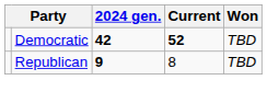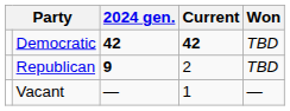 <table class="wikitable defaultcenter">
 <tr>
 <th colspan=2>Party</th>
 <th><a href='#'>2024 gen.</a></th>
 <th>Current</th>
 <th>Won</th>
 </tr>
 <tr>
 <td style="background:"></td>
 <td><a href='#'>Democratic</a></td>
 <td><strong>42</strong></td>
-<td><strong>52</strong></td>
+<td><strong>42</strong></td>
 <td><em>TBD</em></td>
 </tr>
 <tr>
 <td style="background:"></td>
 <td><a href='#'>Republican</a></td>
 <td><strong>9</strong></td>
-<td>8</td>
+<td>2</td>
 <td><em>TBD</em></td>
 </tr>
+<tr>
+<td style="background:#ffffff;"></td>
+<td>Vacant</td>
+<td>—</td>
+<td>1</td>
+<td>—</td>
+</tr>
 </table>
